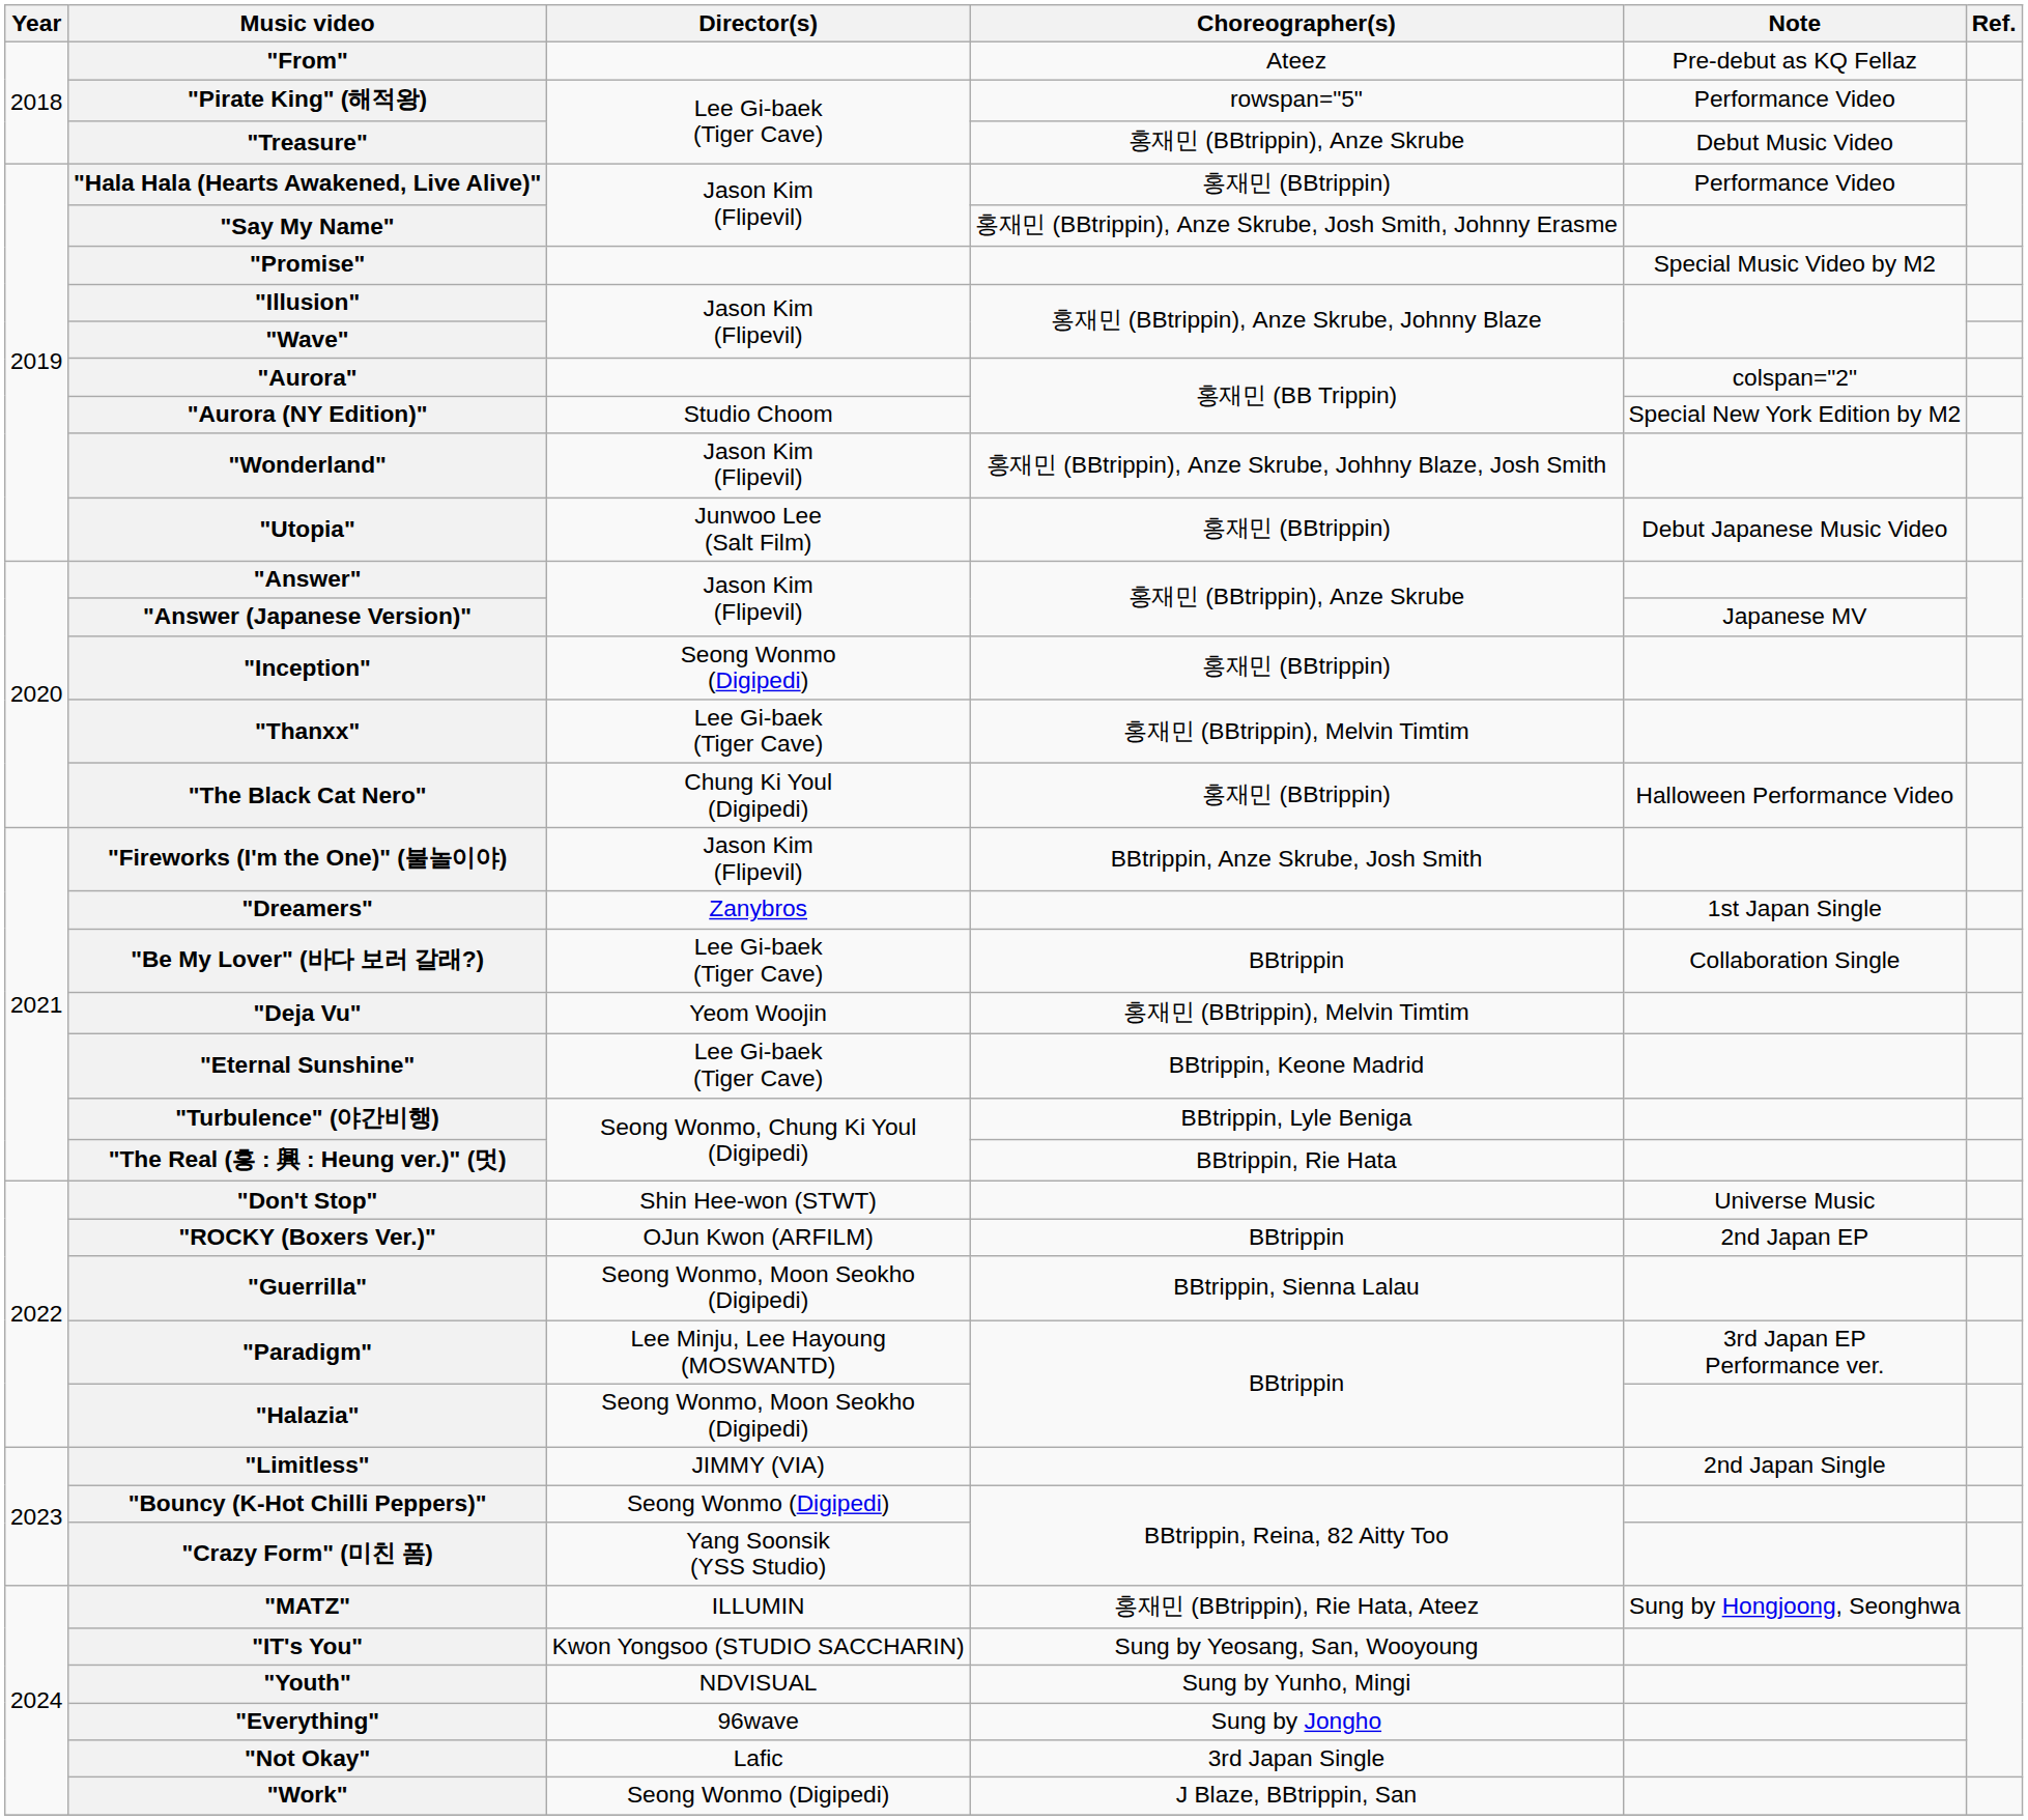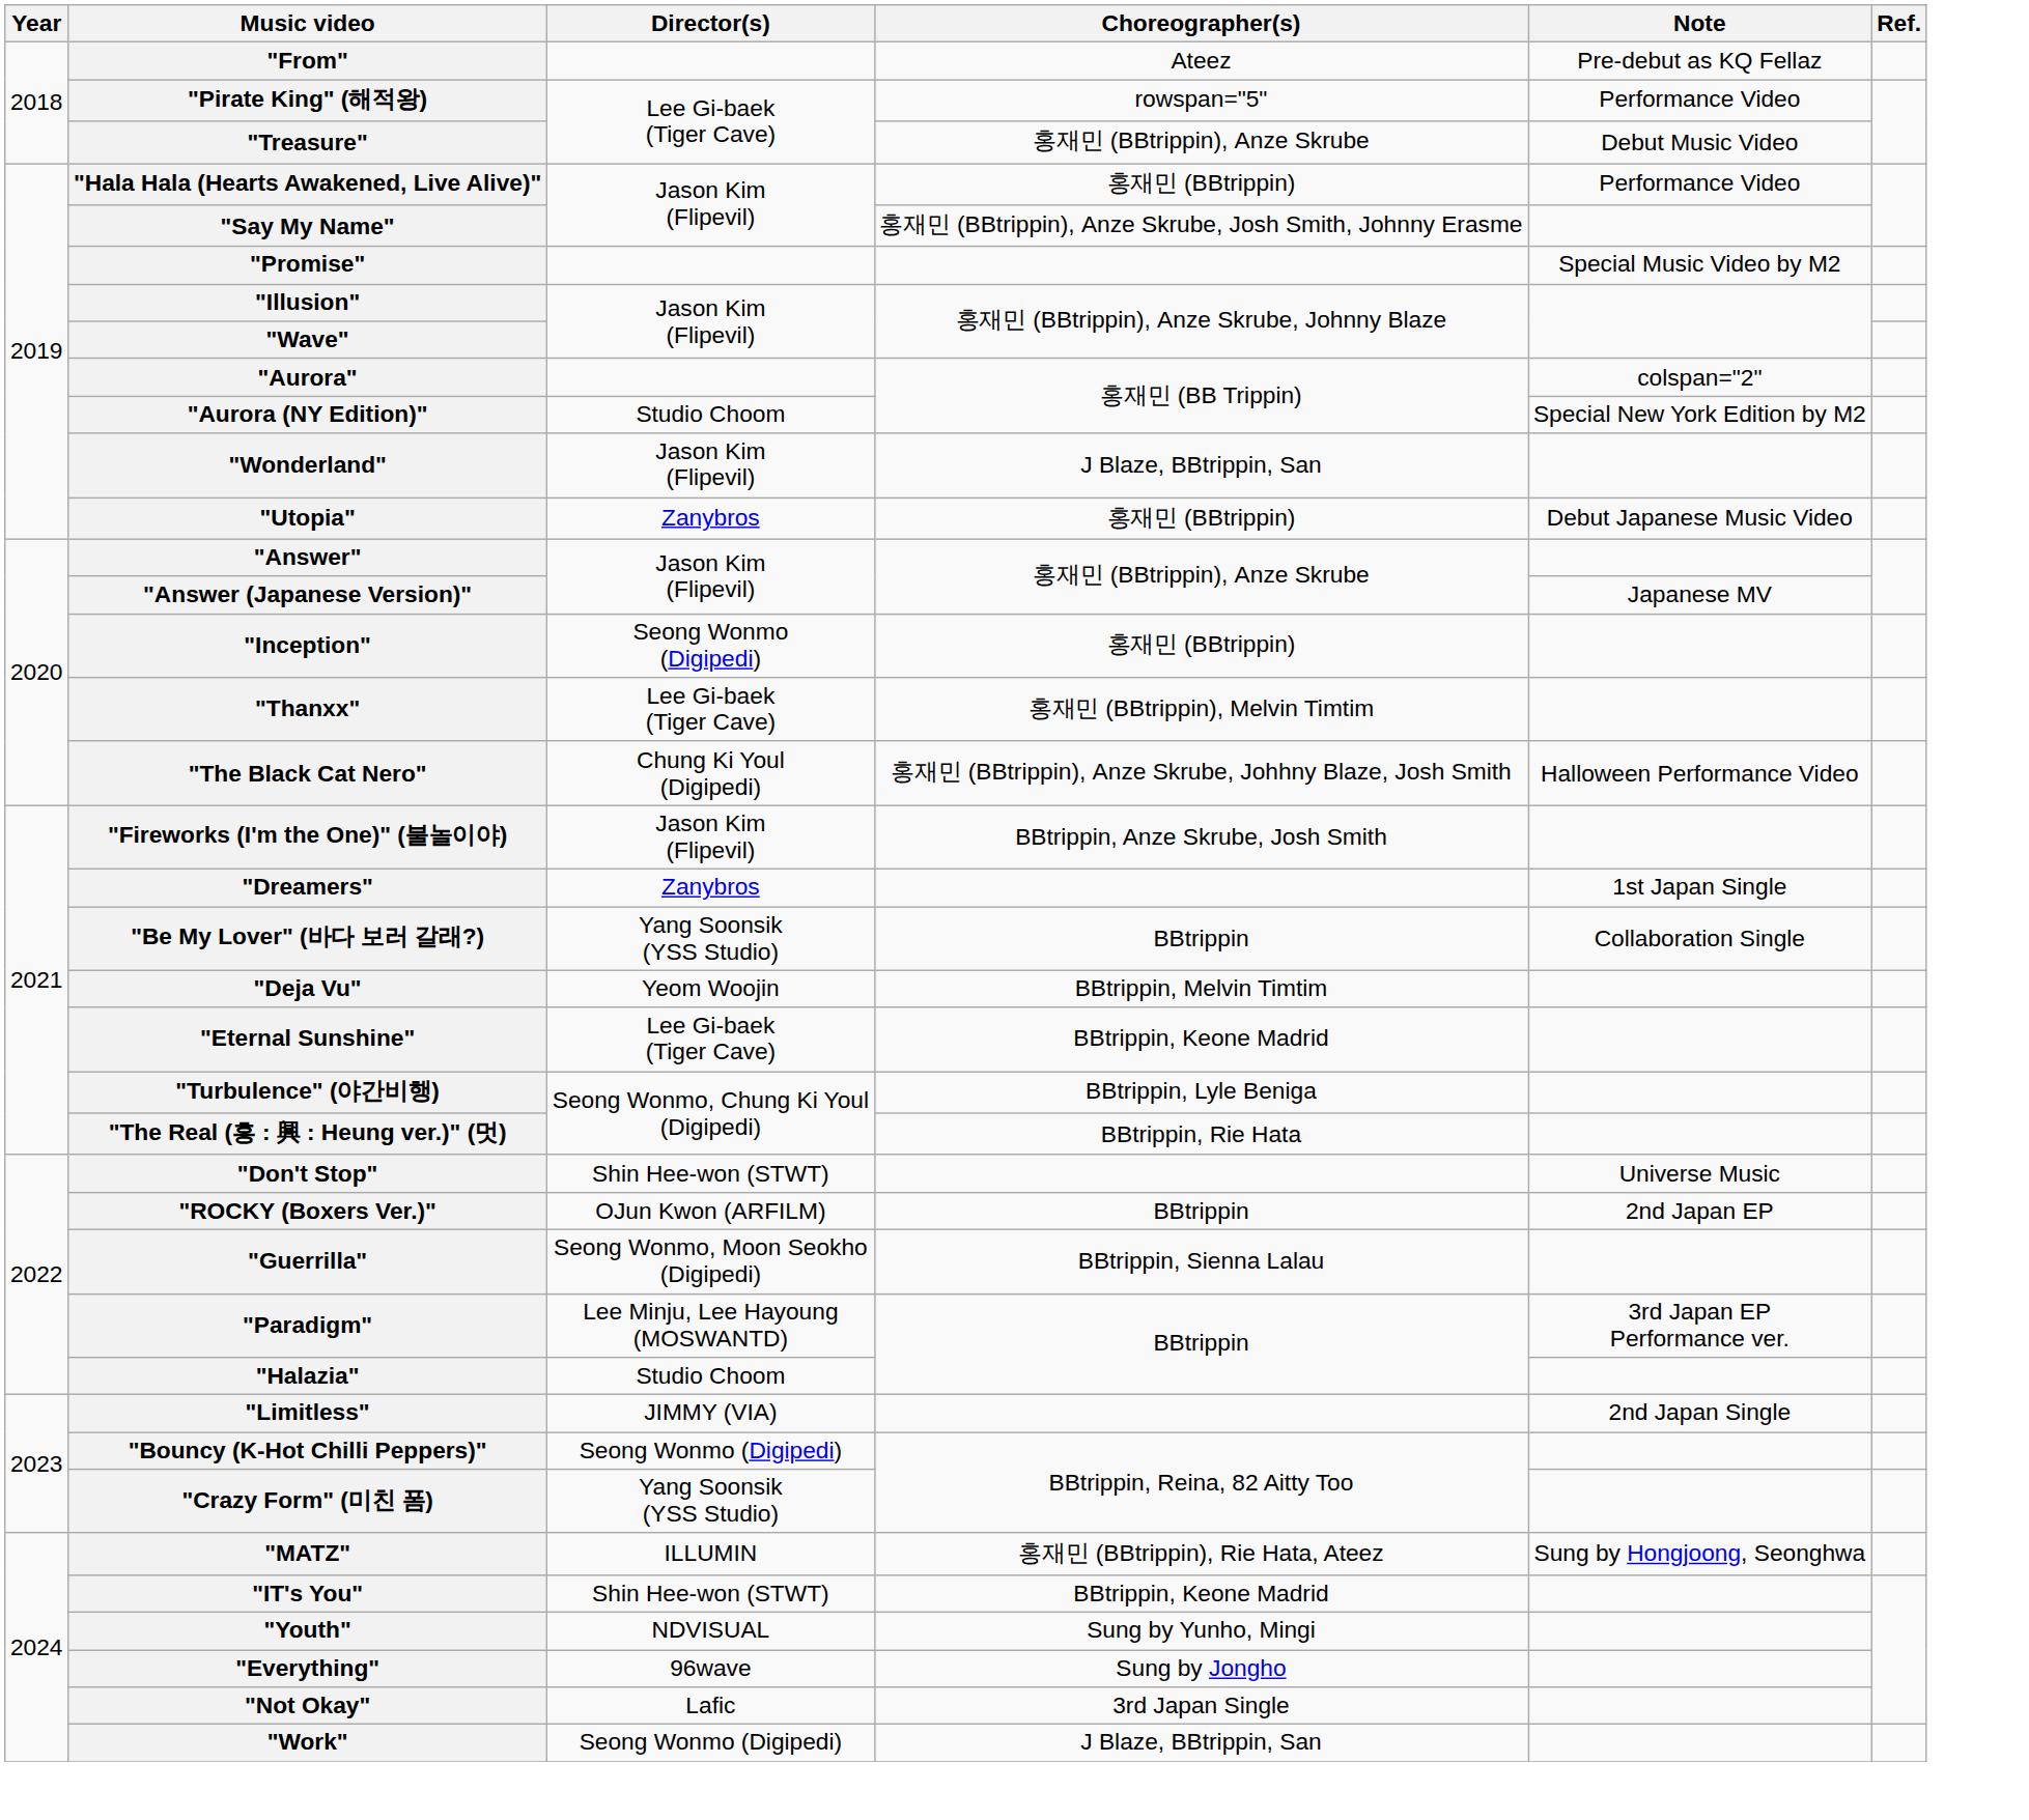 <table class="wikitable plainrowheaders" style="text-align:center; table-layout:fixed; margin-right:0">
 <tr>
 <th scope="col">Year</th>
 <th scope="col">Music video</th>
 <th scope="col">Director(s)</th>
 <th scope="col">Choreographer(s)</th>
 <th scope="col">Note</th>
 <th scope="col">Ref.</th>
 </tr>
 <tr>
 <td rowspan=3>2018</td>
 <th scope="row">"From"</th>
 <td></td>
 <td>Ateez</td>
 <td>Pre-debut as KQ Fellaz</td>
 <td></td>
 </tr>
 <tr>
 <th scope="row">"Pirate King" (해적왕)</th>
 <td rowspan=2>Lee Gi-baek<br>(Tiger Cave)</td>
 <td>rowspan="5" </td>
 <td>Performance Video</td>
 <td rowspan="2"></td>
 </tr>
 <tr>
 <th scope="row">"Treasure"</th>
 <td>홍재민 (BBtrippin), Anze Skrube</td>
 <td>Debut Music Video</td>
 </tr>
 <tr>
 <td rowspan=9>2019</td>
 <th scope="row">"Hala Hala (Hearts Awakened, Live Alive)"</th>
 <td rowspan=2>Jason Kim<br>(Flipevil)</td>
 <td>홍재민 (BBtrippin)</td>
 <td>Performance Video</td>
 <td rowspan=2></td>
 </tr>
 <tr>
 <th scope="row">"Say My Name"</th>
 <td>홍재민 (BBtrippin), Anze Skrube, Josh Smith, Johnny Erasme</td>
 <td></td>
 </tr>
 <tr>
 <th scope="row">"Promise"</th>
 <td></td>
 <td></td>
 <td>Special Music Video by M2</td>
 <td></td>
 </tr>
 <tr>
 <th scope="row">"Illusion"</th>
 <td rowspan=2>Jason Kim<br>(Flipevil)</td>
 <td rowspan="2">홍재민 (BBtrippin), Anze Skrube, Johnny Blaze</td>
 <td rowspan="2"></td>
 <td></td>
 </tr>
 <tr>
 <th scope="row">"Wave"</th>
 <td></td>
 </tr>
 <tr>
 <th scope="row">"Aurora"</th>
 <td></td>
 <td rowspan="2">홍재민 (BB Trippin)</td>
 <td>colspan="2" </td>
 </tr>
 <tr>
 <th scope="row">"Aurora (NY Edition)"</th>
 <td>Studio Choom</td>
 <td>Special New York Edition by M2</td>
 <td></td>
 </tr>
 <tr>
 <th scope="row">"Wonderland"</th>
 <td>Jason Kim<br>(Flipevil)</td>
-<td>홍재민 (BBtrippin), Anze Skrube, Johhny Blaze, Josh Smith</td>
+<td>J Blaze, BBtrippin, San</td>
 <td></td>
 <td></td>
 </tr>
 <tr>
 <th scope="row">"Utopia"</th>
-<td>Junwoo Lee<br>(Salt Film)</td>
+<td rowspan=1><a href='#'>Zanybros</a></td>
 <td>홍재민 (BBtrippin)</td>
 <td>Debut Japanese Music Video</td>
 <td></td>
 </tr>
 <tr>
 <td rowspan=5>2020</td>
 <th scope="row">"Answer"</th>
 <td rowspan=2>Jason Kim<br>(Flipevil)</td>
 <td rowspan=2>홍재민 (BBtrippin), Anze Skrube</td>
 <td></td>
 <td rowspan="2"></td>
 </tr>
 <tr>
 <th scope="row">"Answer (Japanese Version)"</th>
 <td>Japanese MV</td>
 </tr>
 <tr>
 <th scope="row">"Inception"</th>
 <td>Seong Wonmo<br>(<a href='#'>Digipedi</a>)</td>
 <td>홍재민 (BBtrippin)</td>
 <td></td>
 <td></td>
 </tr>
 <tr>
 <th scope="row">"Thanxx"</th>
 <td>Lee Gi-baek<br>(Tiger Cave)</td>
 <td>홍재민 (BBtrippin), Melvin Timtim</td>
 <td></td>
 <td></td>
 </tr>
 <tr>
 <th scope = "row">"The Black Cat Nero"</th>
 <td>Chung Ki Youl<br>(Digipedi)</td>
-<td>홍재민 (BBtrippin)</td>
+<td>홍재민 (BBtrippin), Anze Skrube, Johhny Blaze, Josh Smith</td>
 <td>Halloween Performance Video</td>
 <td></td>
 </tr>
 <tr>
 <td rowspan="7">2021</td>
 <th scope="row">"Fireworks (I'm the One)" (불놀이야)</th>
 <td rowspan=1>Jason Kim<br>(Flipevil)</td>
 <td>BBtrippin, Anze Skrube, Josh Smith</td>
 <td></td>
 <td></td>
 </tr>
 <tr>
 <th scope="row">"Dreamers"</th>
 <td rowspan=1><a href='#'>Zanybros</a></td>
 <td></td>
 <td>1st Japan Single</td>
 <td></td>
 </tr>
 <tr>
 <th scope="row">"Be My Lover" (바다 보러 갈래?)<br></th>
-<td>Lee Gi-baek<br>(Tiger Cave)</td>
+<td>Yang Soonsik<br>(YSS Studio)</td>
 <td>BBtrippin</td>
 <td>Collaboration Single</td>
 <td></td>
 </tr>
 <tr>
 <th scope="row">"Deja Vu"</th>
 <td>Yeom Woojin</td>
-<td>홍재민 (BBtrippin), Melvin Timtim</td>
+<td>BBtrippin, Melvin Timtim</td>
 <td></td>
 <td></td>
 </tr>
 <tr>
 <th scope="row">"Eternal Sunshine"</th>
 <td>Lee Gi-baek<br>(Tiger Cave)</td>
 <td>BBtrippin, Keone Madrid</td>
 <td></td>
 <td></td>
 </tr>
 <tr>
 <th scope="row">"Turbulence" (야간비행)</th>
 <td rowspan=2>Seong Wonmo, Chung Ki Youl<br>(Digipedi)</td>
 <td>BBtrippin, Lyle Beniga</td>
 <td></td>
 <td></td>
 </tr>
 <tr>
 <th scope="row">"The Real (흥 : 興 : Heung ver.)" (멋)</th>
 <td>BBtrippin, Rie Hata</td>
 <td></td>
 <td></td>
 </tr>
 <tr>
 <td rowspan="5">2022</td>
 <th scope="row">"Don't Stop"</th>
 <td>Shin Hee-won (STWT)</td>
 <td></td>
 <td>Universe Music</td>
 <td></td>
 </tr>
 <tr>
 <th scope="row">"ROCKY (Boxers Ver.)"</th>
 <td>OJun Kwon (ARFILM)</td>
 <td>BBtrippin</td>
 <td>2nd Japan EP</td>
 <td></td>
 </tr>
 <tr>
 <th scope="row">"Guerrilla"</th>
 <td>Seong Wonmo, Moon Seokho<br>(Digipedi)</td>
 <td>BBtrippin, Sienna Lalau</td>
 <td></td>
 <td></td>
 </tr>
 <tr>
 <th scope="row">"Paradigm"</th>
 <td>Lee Minju, Lee Hayoung<br>(MOSWANTD)</td>
 <td rowspan="2">BBtrippin</td>
 <td>3rd Japan EP<br>Performance ver.</td>
 <td></td>
 </tr>
 <tr>
 <th scope="row">"Halazia"</th>
-<td>Seong Wonmo, Moon Seokho<br>(Digipedi)</td>
+<td>Studio Choom</td>
 <td></td>
 <td></td>
 </tr>
 <tr>
 <td rowspan="3">2023</td>
 <th scope="row">"Limitless"</th>
 <td>JIMMY (VIA)</td>
 <td></td>
 <td>2nd Japan Single</td>
 <td></td>
 </tr>
 <tr>
 <th scope="row">"Bouncy (K-Hot Chilli Peppers)"</th>
 <td>Seong Wonmo (<a href='#'>Digipedi</a>)</td>
 <td rowspan="2">BBtrippin, Reina, 82 Aitty Too</td>
 <td></td>
 <td></td>
 </tr>
 <tr>
 <th scope="row">"Crazy Form" (미친 폼)</th>
 <td>Yang Soonsik<br>(YSS Studio)</td>
 <td></td>
 <td></td>
 </tr>
 <tr>
 <td rowspan="6">2024</td>
 <th scope="row">"MATZ"</th>
 <td>ILLUMIN</td>
 <td>홍재민 (BBtrippin), Rie Hata, Ateez</td>
 <td>Sung by <a href='#'>Hongjoong</a>, Seonghwa</td>
 <td></td>
 </tr>
 <tr>
 <th scope="row">"IT's You"</th>
-<td>Kwon Yongsoo (STUDIO SACCHARIN)</td>
-<td>Sung by Yeosang, San, Wooyoung</td>
+<td>Shin Hee-won (STWT)</td>
+<td>BBtrippin, Keone Madrid</td>
 <td></td>
 </tr>
 <tr>
 <th scope="row">"Youth"</th>
 <td>NDVISUAL</td>
 <td>Sung by Yunho, Mingi</td>
 <td></td>
 </tr>
 <tr>
 <th scope="row">"Everything"</th>
 <td>96wave</td>
 <td>Sung by <a href='#'>Jongho</a></td>
 <td></td>
 </tr>
 <tr>
 <th scope="row">"Not Okay"</th>
 <td>Lafic</td>
 <td>3rd Japan Single</td>
 <td></td>
 </tr>
 <tr>
 <th scope="row">"Work"</th>
 <td>Seong Wonmo (Digipedi)</td>
 <td>J Blaze, BBtrippin, San</td>
 <td></td>
 <td></td>
 </tr>
 <tr>
 </tr>
 </table>
